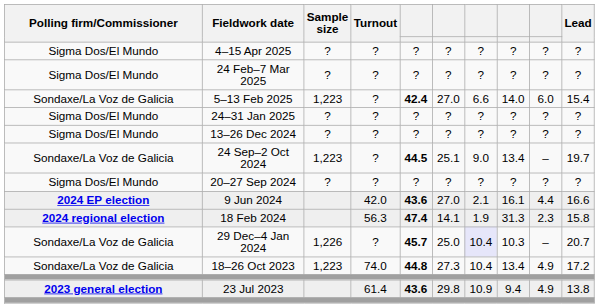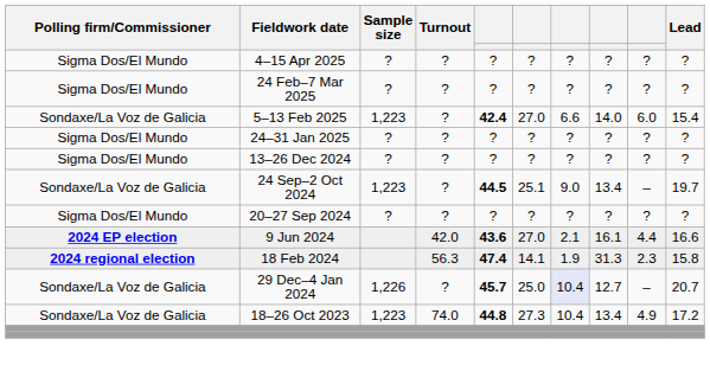 <table class="wikitable collapsible collapsed" style="text-align:center; font-size:95%; line-height:16px;">
 <tr style="height:42px;">
 <th style="width:250px;" rowspan="2">Polling firm/Commissioner</th>
 <th style="width:125px;" rowspan="2">Fieldwork date</th>
 <th style="width:50px;" rowspan="2">Sample size</th>
 <th style="width:45px;" rowspan="2">Turnout</th>
 <th style="width:35px;"></th>
 <th style="width:35px;"></th>
 <th style="width:35px;"></th>
 <th style="width:35px;"></th>
 <th style="width:35px;"></th>
 <th style="width:30px;" rowspan="2">Lead</th>
 </tr>
 <tr>
 <th style="color:inherit;background:"></th>
 <th style="color:inherit;background:"></th>
 <th style="color:inherit;background:"></th>
 <th style="color:inherit;background:"></th>
 <th style="color:inherit;background:"></th>
 </tr>
 <tr>
 <td>Sigma Dos/El Mundo</td>
 <td>4–15 Apr 2025</td>
 <td>?</td>
 <td>?</td>
 <td>?<br></td>
 <td>?<br></td>
 <td>?<br></td>
 <td>?<br></td>
 <td>?<br></td>
 <td style="background:">?</td>
 </tr>
 <tr>
 <td>Sigma Dos/El Mundo</td>
 <td>24 Feb–7 Mar 2025</td>
 <td>?</td>
 <td>?</td>
 <td>?<br></td>
 <td>?<br></td>
 <td>?<br></td>
 <td>?<br></td>
 <td>?<br></td>
 <td style="background:">?</td>
 </tr>
 <tr>
 <td>Sondaxe/La Voz de Galicia</td>
 <td>5–13 Feb 2025</td>
 <td>1,223</td>
 <td>?</td>
 <td><strong>42.4</strong><br></td>
 <td>27.0<br></td>
 <td>6.6<br></td>
 <td>14.0<br></td>
 <td>6.0<br></td>
 <td style="background:">15.4</td>
 </tr>
 <tr>
 <td>Sigma Dos/El Mundo</td>
 <td>24–31 Jan 2025</td>
 <td>?</td>
 <td>?</td>
 <td>?<br></td>
 <td>?<br></td>
 <td>?<br></td>
 <td>?<br></td>
 <td>?<br></td>
 <td style="background:">?</td>
 </tr>
 <tr>
 <td>Sigma Dos/El Mundo</td>
 <td>13–26 Dec 2024</td>
 <td>?</td>
 <td>?</td>
 <td>?<br></td>
 <td>?<br></td>
 <td>?<br></td>
 <td>?<br></td>
 <td>?<br></td>
 <td style="background:">?</td>
 </tr>
 <tr>
 <td>Sondaxe/La Voz de Galicia</td>
 <td>24 Sep–2 Oct 2024</td>
 <td>1,223</td>
 <td>?</td>
 <td><strong>44.5</strong><br></td>
 <td>25.1<br></td>
 <td>9.0<br></td>
 <td>13.4<br></td>
 <td>–</td>
 <td style="background:">19.7</td>
 </tr>
 <tr>
 <td>Sigma Dos/El Mundo</td>
 <td>20–27 Sep 2024</td>
 <td>?</td>
 <td>?</td>
 <td>?<br></td>
 <td>?<br></td>
 <td>?<br></td>
 <td>?<br></td>
 <td>?<br></td>
 <td style="background:">?</td>
 </tr>
 <tr style="background:#EFEFEF;">
 <td><strong><a href='#'>2024 EP election</a></strong></td>
 <td>9 Jun 2024</td>
 <td></td>
 <td>42.0</td>
 <td><strong>43.6</strong><br></td>
 <td>27.0<br></td>
 <td>2.1<br></td>
 <td>16.1<br></td>
 <td>4.4<br></td>
 <td style="background:">16.6</td>
 </tr>
 <tr style="background:#EFEFEF;">
 <td><strong><a href='#'>2024 regional election</a></strong></td>
 <td>18 Feb 2024</td>
 <td></td>
 <td>56.3</td>
 <td><strong>47.4</strong><br></td>
 <td>14.1<br></td>
 <td>1.9<br></td>
 <td>31.3<br></td>
 <td>2.3<br></td>
 <td style="background:">15.8</td>
 </tr>
 <tr>
 <td>Sondaxe/La Voz de Galicia</td>
 <td>29 Dec–4 Jan 2024</td>
 <td>1,226</td>
 <td>?</td>
 <td><strong>45.7</strong><br></td>
 <td>25.0<br></td>
 <td style="background: lavender;">10.4<br></td>
-<td>10.3<br></td>
+<td>12.7<br></td>
 <td>–</td>
 <td style="background:">20.7</td>
 </tr>
 <tr>
 <td>Sondaxe/La Voz de Galicia</td>
 <td>18–26 Oct 2023</td>
 <td>1,223</td>
 <td>74.0</td>
 <td><strong>44.8</strong><br></td>
 <td>27.3<br></td>
 <td>10.4<br></td>
 <td>13.4<br></td>
 <td>4.9<br></td>
 <td style="background:">17.2</td>
 </tr>
 <tr>
 <td colspan="10" style="background:#A0A0A0"></td>
 </tr>
-<tr style="background:#EFEFEF;">
-<td><strong><a href='#'>2023 general election</a></strong></td>
-<td>23 Jul 2023</td>
-<td></td>
-<td>61.4</td>
-<td><strong>43.6</strong><br></td>
-<td>29.8<br></td>
-<td>10.9<br></td>
-<td>9.4<br></td>
-<td>4.9<br></td>
-<td style="background:">13.8</td>
-</tr>
 <tr>
 <td colspan="10" style="background:#A0A0A0"></td>
 </tr>
 </table>
